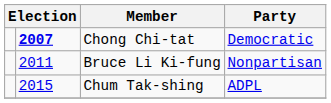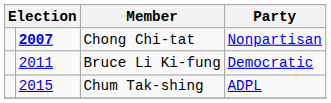 <table class="wikitable">
 <tr>
 <th colspan="2">Election</th>
 <th>Member</th>
 <th>Party</th>
 </tr>
 <tr>
 <td style="background-color: "></td>
 <td><strong><a href='#'>2007</a></strong></td>
 <td>Chong Chi-tat</td>
-<td><a href='#'>Democratic</a></td>
+<td><a href='#'>Nonpartisan</a></td>
 </tr>
 <tr>
 <td style="background-color: "></td>
 <td><a href='#'>2011</a></td>
 <td>Bruce Li Ki-fung</td>
-<td><a href='#'>Nonpartisan</a></td>
+<td><a href='#'>Democratic</a></td>
 </tr>
 <tr>
 <td style="background-color: "></td>
 <td><a href='#'>2015</a></td>
 <td>Chum Tak-shing</td>
 <td><a href='#'>ADPL</a></td>
 </tr>
 <tr>
 </tr>
 </table>
